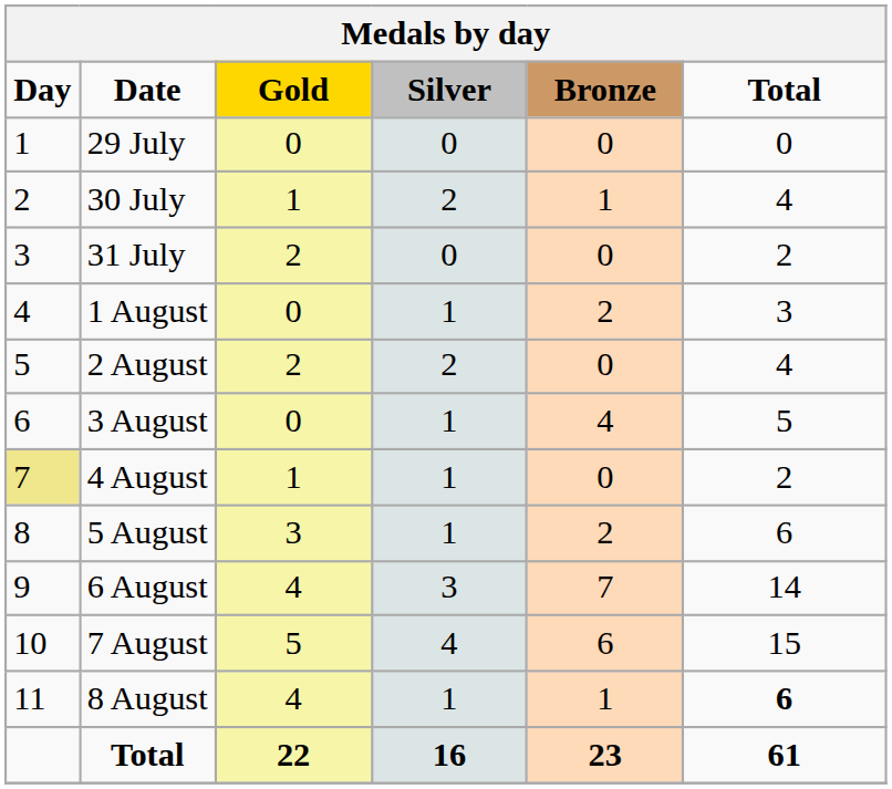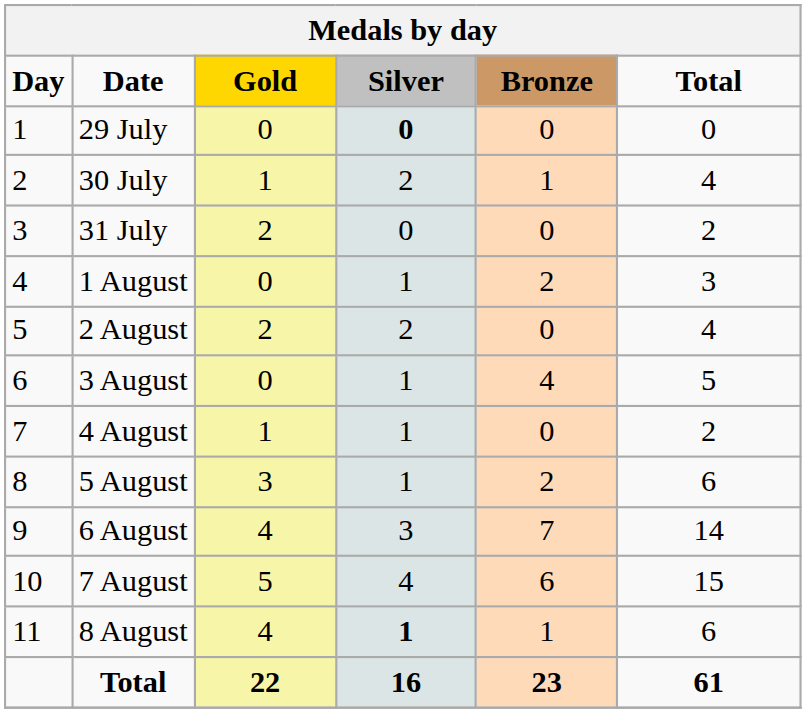 <table class="wikitable" style="font-size:90%; text-align:center;">
 <tr style="background:#efefef;">
 <th colspan=6>Medals by day</th>
 </tr>
 <tr>
 <td><strong>Day</strong></td>
 <td><strong>Date</strong></td>
 <td width=60 style="background:gold;"><strong>Gold </strong></td>
 <td width=60 style="background:silver;"><strong>Silver </strong></td>
 <td width=60 style="background:#c96;"><strong>Bronze </strong></td>
 <td width=80><strong>Total</strong></td>
 </tr>
 <tr>
 <td align=left>1</td>
 <td align=left>29 July</td>
 <td style="background:#F7F6A8;">0</td>
-<td style="background:#DCE5E5;">0</td>
+<td style="background:#DCE5E5;"><strong>0</strong></td>
 <td style="background:#FFDAB9;">0</td>
 <td>0</td>
 </tr>
 <tr>
 <td align=left>2</td>
 <td align=left>30 July</td>
 <td style="background:#F7F6A8;">1</td>
 <td style="background:#DCE5E5;">2</td>
 <td style="background:#FFDAB9;">1</td>
 <td>4</td>
 </tr>
 <tr>
 <td align=left>3</td>
 <td align=left>31 July</td>
 <td style="background:#F7F6A8;">2</td>
 <td style="background:#DCE5E5;">0</td>
 <td style="background:#FFDAB9;">0</td>
 <td>2</td>
 </tr>
 <tr>
 <td align=left>4</td>
 <td align=left>1 August</td>
 <td style="background:#F7F6A8;">0</td>
 <td style="background:#DCE5E5;">1</td>
 <td style="background:#FFDAB9;">2</td>
 <td>3</td>
 </tr>
 <tr>
 <td align=left>5</td>
 <td align=left>2 August</td>
 <td style="background:#F7F6A8;">2</td>
 <td style="background:#DCE5E5;">2</td>
 <td style="background:#FFDAB9;">0</td>
 <td>4</td>
 </tr>
 <tr>
 <td align=left>6</td>
 <td align=left>3 August</td>
 <td style="background:#F7F6A8;">0</td>
 <td style="background:#DCE5E5;">1</td>
 <td style="background:#FFDAB9;">4</td>
 <td>5</td>
 </tr>
 <tr>
-<td align=left style="background: khaki;">7</td>
+<td align=left>7</td>
 <td align=left>4 August</td>
 <td style="background:#F7F6A8;">1</td>
 <td style="background:#DCE5E5;">1</td>
 <td style="background:#FFDAB9;">0</td>
 <td>2</td>
 </tr>
 <tr>
 <td align=left>8</td>
 <td align=left>5 August</td>
 <td style="background:#F7F6A8;">3</td>
 <td style="background:#DCE5E5;">1</td>
 <td style="background:#FFDAB9;">2</td>
 <td>6</td>
 </tr>
 <tr>
 <td align=left>9</td>
 <td align=left>6 August</td>
 <td style="background:#F7F6A8;">4</td>
 <td style="background:#DCE5E5;">3</td>
 <td style="background:#FFDAB9;">7</td>
 <td>14</td>
 </tr>
 <tr>
 <td align=left>10</td>
 <td align=left>7 August</td>
 <td style="background:#F7F6A8;">5</td>
 <td style="background:#DCE5E5;">4</td>
 <td style="background:#FFDAB9;">6</td>
 <td>15</td>
 </tr>
 <tr>
 <td align=left>11</td>
 <td align=left>8 August</td>
 <td style="background:#F7F6A8;">4</td>
-<td style="background:#DCE5E5;">1</td>
+<td style="background:#DCE5E5;"><strong>1</strong></td>
 <td style="background:#FFDAB9;">1</td>
-<td><strong>6</strong></td>
+<td>6</td>
 </tr>
 <tr>
 <td></td>
 <td><strong>Total</strong></td>
 <td style="background:#F7F6A8"><strong>22</strong></td>
 <td style="background:#DCE5E5"><strong>16</strong></td>
 <td style="background:#FFDAB9"><strong>23</strong></td>
 <td><strong>61</strong></td>
 </tr>
 <tr>
 </tr>
 </table>
